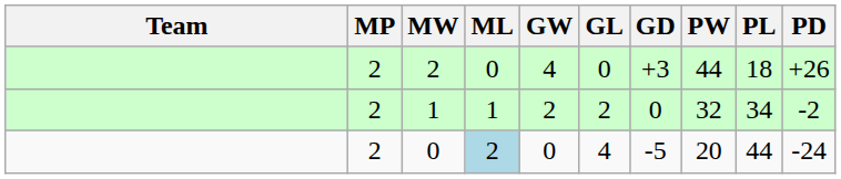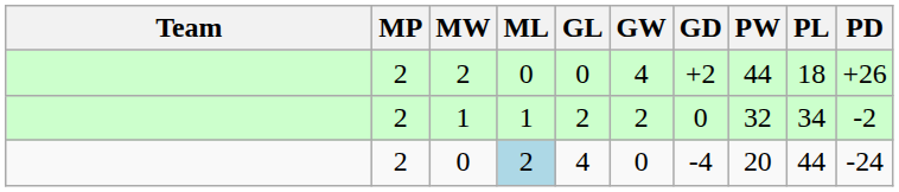 <table class=wikitable style="text-align:center">
 <tr>
 <th width=200>Team</th>
 <th width=20>MP</th>
 <th width=20>MW</th>
 <th width=20>ML</th>
+<th width=20>GL</th>
 <th width=20>GW</th>
-<th width=20>GL</th>
 <th width=20>GD</th>
 <th width=20>PW</th>
 <th width=20>PL</th>
 <th width=20>PD</th>
 </tr>
 <tr style="background:#cfc;">
 <td align=left><br></td>
 <td>2</td>
 <td>2</td>
 <td>0</td>
+<td>0</td>
 <td>4</td>
-<td>0</td>
-<td>+3</td>
+<td>+2</td>
 <td>44</td>
 <td>18</td>
 <td>+26</td>
 </tr>
 <tr style="background:#cfc;">
 <td align=left><br></td>
 <td>2</td>
 <td>1</td>
 <td>1</td>
 <td>2</td>
 <td>2</td>
 <td>0</td>
 <td>32</td>
 <td>34</td>
 <td>-2</td>
 </tr>
 <tr>
 <td align=left><br></td>
 <td>2</td>
 <td>0</td>
 <td style="background: lightblue;">2</td>
+<td>4</td>
 <td>0</td>
-<td>4</td>
-<td>-5</td>
+<td>-4</td>
 <td>20</td>
 <td>44</td>
 <td>-24</td>
 </tr>
 </table>
